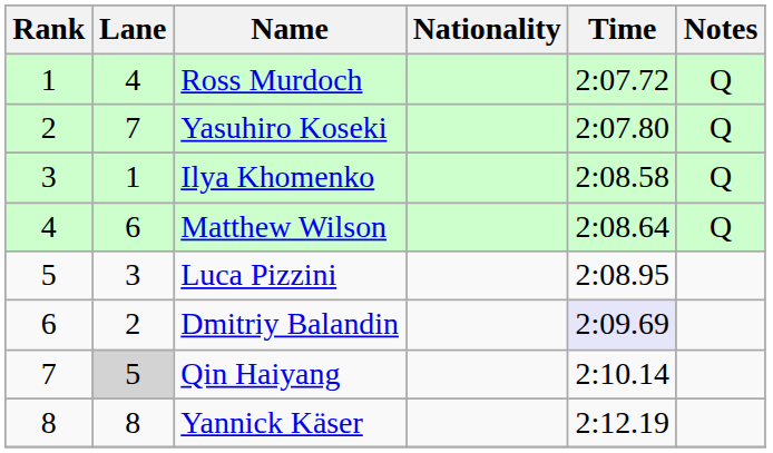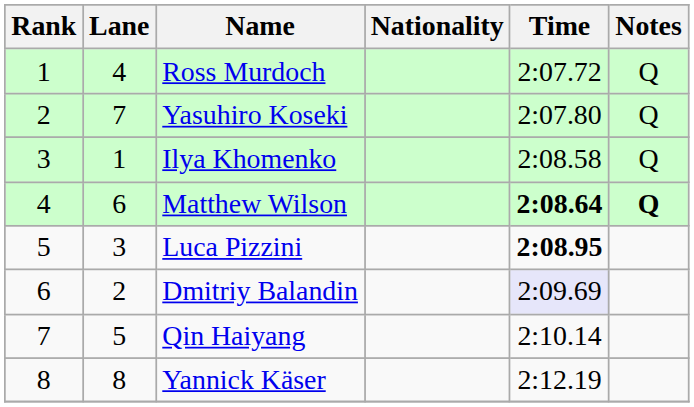 <table class="wikitable sortable" style="text-align:center">
 <tr>
 <th>Rank</th>
 <th>Lane</th>
 <th>Name</th>
 <th>Nationality</th>
 <th>Time</th>
 <th>Notes</th>
 </tr>
 <tr bgcolor=ccffcc>
 <td>1</td>
 <td>4</td>
 <td align=left><a href='#'>Ross Murdoch</a></td>
 <td align=left></td>
 <td>2:07.72</td>
 <td>Q</td>
 </tr>
 <tr bgcolor=ccffcc>
 <td>2</td>
 <td>7</td>
 <td align=left><a href='#'>Yasuhiro Koseki</a></td>
 <td align=left></td>
 <td>2:07.80</td>
 <td>Q</td>
 </tr>
 <tr bgcolor=ccffcc>
 <td>3</td>
 <td>1</td>
 <td align=left><a href='#'>Ilya Khomenko</a></td>
 <td align=left></td>
 <td>2:08.58</td>
 <td>Q</td>
 </tr>
 <tr bgcolor=ccffcc>
 <td>4</td>
 <td>6</td>
 <td align=left><a href='#'>Matthew Wilson</a></td>
 <td align=left></td>
-<td>2:08.64</td>
-<td>Q</td>
+<td><strong>2:08.64</strong></td>
+<td><strong>Q</strong></td>
 </tr>
 <tr>
 <td>5</td>
 <td>3</td>
 <td align=left><a href='#'>Luca Pizzini</a></td>
 <td align=left></td>
-<td>2:08.95</td>
+<td><strong>2:08.95</strong></td>
 <td></td>
 </tr>
 <tr>
 <td>6</td>
 <td>2</td>
 <td align=left><a href='#'>Dmitriy Balandin</a></td>
 <td align=left></td>
 <td style="background: lavender;">2:09.69</td>
 <td></td>
 </tr>
 <tr>
 <td>7</td>
-<td style="background: lightgrey;">5</td>
+<td>5</td>
 <td align=left><a href='#'>Qin Haiyang</a></td>
 <td align=left></td>
 <td>2:10.14</td>
 <td></td>
 </tr>
 <tr>
 <td>8</td>
 <td>8</td>
 <td align=left><a href='#'>Yannick Käser</a></td>
 <td align=left></td>
 <td>2:12.19</td>
 <td></td>
 </tr>
 <tr>
 </tr>
 </table>
